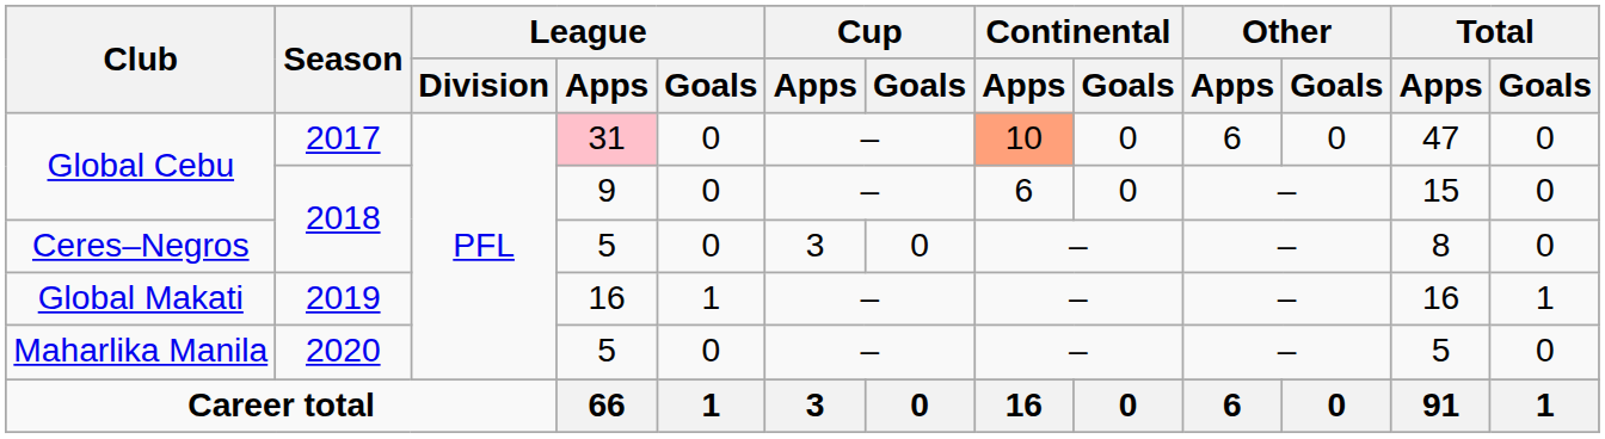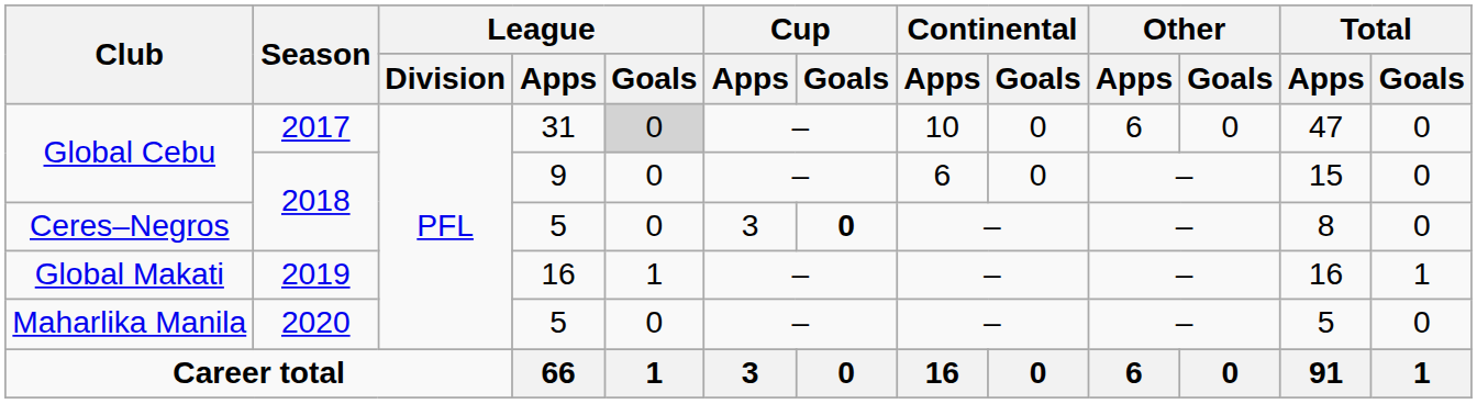 <table class="wikitable" style="text-align: center">
 <tr>
 <th rowspan="2">Club</th>
 <th rowspan="2">Season</th>
 <th colspan="3">League</th>
 <th colspan="2">Cup</th>
 <th colspan="2">Continental</th>
 <th colspan="2">Other</th>
 <th colspan="2">Total</th>
 </tr>
 <tr>
 <th>Division</th>
 <th>Apps</th>
 <th>Goals</th>
 <th>Apps</th>
 <th>Goals</th>
 <th>Apps</th>
 <th>Goals</th>
 <th>Apps</th>
 <th>Goals</th>
 <th>Apps</th>
 <th>Goals</th>
 </tr>
 <tr>
 <td rowspan="2"><a href='#'>Global Cebu</a></td>
 <td><a href='#'>2017</a></td>
 <td rowspan="5"><a href='#'>PFL</a></td>
-<td style="background: pink;">31</td>
-<td>0</td>
+<td>31</td>
+<td style="background: lightgrey;">0</td>
 <td colspan="2">–</td>
-<td style="background: lightsalmon;">10</td>
+<td>10</td>
 <td>0</td>
 <td>6</td>
 <td>0</td>
 <td>47</td>
 <td>0</td>
 </tr>
 <tr>
 <td rowspan="2"><a href='#'>2018</a></td>
 <td>9</td>
 <td>0</td>
 <td colspan="2">–</td>
 <td>6</td>
 <td>0</td>
 <td colspan="2">–</td>
 <td>15</td>
 <td>0</td>
 </tr>
 <tr>
 <td><a href='#'>Ceres–Negros</a></td>
 <td>5</td>
 <td>0</td>
 <td>3</td>
-<td>0</td>
+<td><strong>0</strong></td>
 <td colspan="2">–</td>
 <td colspan="2">–</td>
 <td>8</td>
 <td>0</td>
 </tr>
 <tr>
 <td><a href='#'>Global Makati</a></td>
 <td><a href='#'>2019</a></td>
 <td>16</td>
 <td>1</td>
 <td colspan="2">–</td>
 <td colspan="2">–</td>
 <td colspan="2">–</td>
 <td>16</td>
 <td>1</td>
 </tr>
 <tr>
 <td><a href='#'>Maharlika Manila</a></td>
 <td><a href='#'>2020</a></td>
 <td>5</td>
 <td>0</td>
 <td colspan="2">–</td>
 <td colspan="2">–</td>
 <td colspan="2">–</td>
 <td>5</td>
 <td>0</td>
 </tr>
 <tr>
 <td colspan="3"><strong>Career total</strong></td>
 <th>66</th>
 <th>1</th>
 <th>3</th>
 <th>0</th>
 <th>16</th>
 <th>0</th>
 <th>6</th>
 <th>0</th>
 <th>91</th>
 <th>1</th>
 </tr>
 </table>
